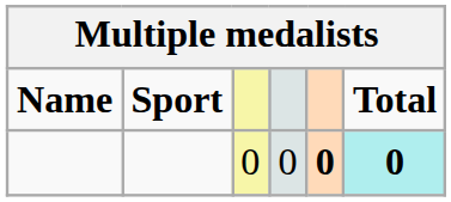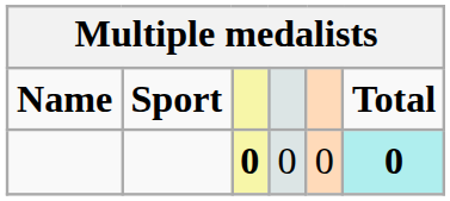 <table class=wikitable style="font-size:85%; float:right; text-align:center">
 <tr bgcolor=EFEFEF>
 <th colspan=7>Multiple medalists</th>
 </tr>
 <tr>
 <td><strong>Name</strong></td>
 <td><strong>Sport</strong></td>
 <td bgcolor=F7F6A8></td>
 <td bgcolor=DCE5E5></td>
 <td bgcolor=FFDAB9></td>
 <td><strong>Total</strong></td>
 </tr>
 <tr>
 <td></td>
 <td></td>
-<td bgcolor=F7F6A8>0</td>
+<td bgcolor=F7F6A8><strong>0</strong></td>
 <td bgcolor=DCE5E5>0</td>
-<td bgcolor=FFDAB9><strong>0</strong></td>
+<td bgcolor=FFDAB9>0</td>
 <td style="background: paleturquoise;"><strong>0</strong></td>
 </tr>
 </table>
